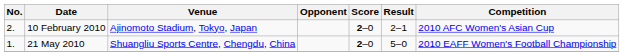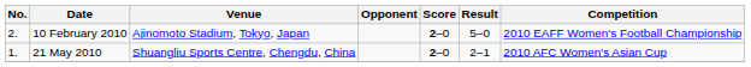 <table class="wikitable">
 <tr>
 <th>No.</th>
 <th>Date</th>
 <th>Venue</th>
 <th>Opponent</th>
 <th>Score</th>
 <th>Result</th>
 <th>Competition</th>
 </tr>
 <tr>
 <td>2.</td>
 <td>10 February 2010</td>
 <td><a href='#'>Ajinomoto Stadium</a>, <a href='#'>Tokyo</a>, <a href='#'>Japan</a></td>
 <td></td>
 <td align=center><strong>2</strong>–0</td>
-<td align=center>2–1</td>
-<td><a href='#'>2010 AFC Women's Asian Cup</a></td>
+<td align=center>5–0</td>
+<td><a href='#'>2010 EAFF Women's Football Championship</a></td>
 </tr>
 <tr>
 <td>1.</td>
 <td>21 May 2010</td>
 <td><a href='#'>Shuangliu Sports Centre</a>, <a href='#'>Chengdu</a>, <a href='#'>China</a></td>
 <td></td>
 <td align=center><strong>2</strong>–0</td>
-<td align=center>5–0</td>
-<td><a href='#'>2010 EAFF Women's Football Championship</a></td>
+<td align=center>2–1</td>
+<td><a href='#'>2010 AFC Women's Asian Cup</a></td>
 </tr>
 <tr>
 </tr>
 </table>
